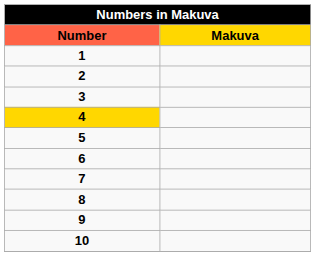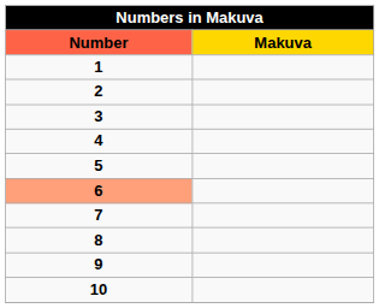 <table class="wikitable" style="width:30%">
 <tr>
 <td colspan="4" align="center" style="background:#000000; color:white"><strong>Numbers in Makuva</strong></td>
 </tr>
 <tr ---->
 <td rowspan="1" align="center" bgcolor="#FF6347"><strong>Number</strong></td>
 <td rowspan="1" align="center" bgcolor="#FFD700"><strong>Makuva</strong></td>
 </tr>
 <tr>
 <td align="center"><strong>1</strong></td>
 <td align="center"></td>
 </tr>
 <tr>
 <td align="center"><strong>2</strong></td>
 <td align="center"></td>
 </tr>
 <tr>
 <td align="center"><strong>3</strong></td>
 <td align="center"></td>
 </tr>
 <tr>
-<td align="center" style="background: gold;"><strong>4</strong></td>
+<td align="center"><strong>4</strong></td>
 <td align="center"></td>
 </tr>
 <tr>
 <td align="center"><strong>5</strong></td>
 <td align="center"></td>
 </tr>
 <tr>
-<td align="center"><strong>6</strong></td>
+<td align="center" style="background: lightsalmon;"><strong>6</strong></td>
 <td align="center"></td>
 </tr>
 <tr>
 <td align="center"><strong>7</strong></td>
 <td align="center"></td>
 </tr>
 <tr>
 <td align="center"><strong>8</strong></td>
 <td align="center"></td>
 </tr>
 <tr>
 <td align="center"><strong>9</strong></td>
 <td align="center"></td>
 </tr>
 <tr>
 <td align="center"><strong>10</strong></td>
 <td align="center"></td>
 </tr>
 <tr>
 </tr>
 </table>
